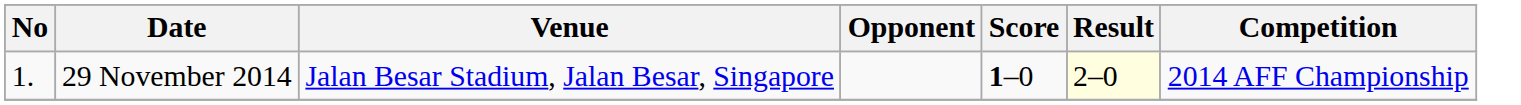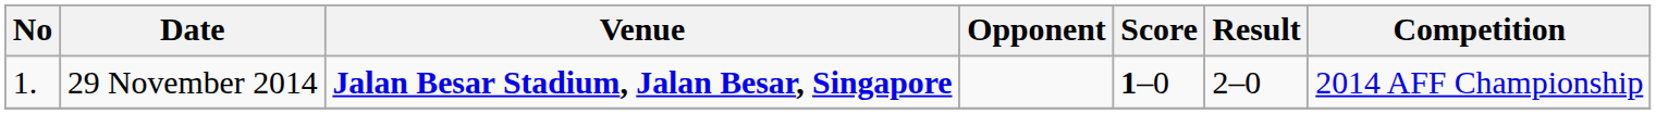 <table class="wikitable">
 <tr>
 <th>No</th>
 <th>Date</th>
 <th>Venue</th>
 <th>Opponent</th>
 <th>Score</th>
 <th>Result</th>
 <th>Competition</th>
 </tr>
 <tr>
 <td>1.</td>
 <td>29 November 2014</td>
-<td><a href='#'>Jalan Besar Stadium</a>, <a href='#'>Jalan Besar</a>, <a href='#'>Singapore</a></td>
+<td><strong><a href='#'>Jalan Besar Stadium</a>, <a href='#'>Jalan Besar</a>, <a href='#'>Singapore</a></strong></td>
 <td></td>
 <td><strong>1</strong>–0</td>
-<td style="background: lightyellow;">2–0</td>
+<td>2–0</td>
 <td><a href='#'>2014 AFF Championship</a></td>
 </tr>
 <tr>
 </tr>
 </table>
